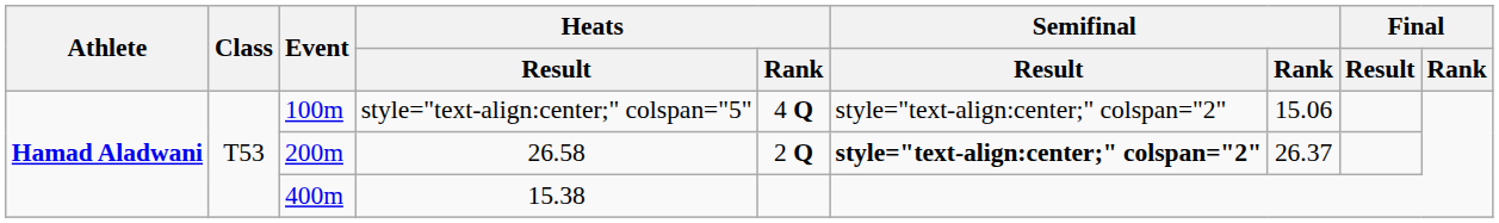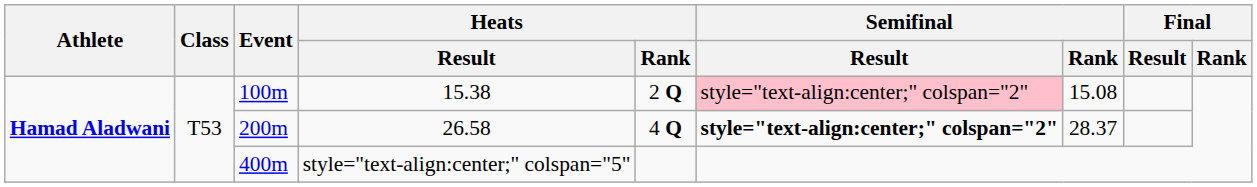 <table class=wikitable style="font-size:90%">
 <tr>
 <th rowspan="2">Athlete</th>
 <th rowspan="2">Class</th>
 <th rowspan="2">Event</th>
 <th colspan="2">Heats</th>
 <th colspan="2">Semifinal</th>
 <th colspan="2">Final</th>
 </tr>
 <tr>
 <th>Result</th>
 <th>Rank</th>
 <th>Result</th>
 <th>Rank</th>
 <th>Result</th>
 <th>Rank</th>
 </tr>
 <tr>
 <td rowspan="3"><strong><a href='#'>Hamad Aladwani</a></strong></td>
 <td rowspan="3" style="text-align:center;">T53</td>
 <td><a href='#'>100m</a></td>
-<td>style="text-align:center;" colspan="5" </td>
-<td style="text-align:center;">4 <strong>Q</strong></td>
-<td>style="text-align:center;" colspan="2" </td>
-<td style="text-align:center;">15.06</td>
+<td style="text-align:center;">15.38</td>
+<td style="text-align:center;">2 <strong>Q</strong></td>
+<td style="background: pink;">style="text-align:center;" colspan="2" </td>
+<td style="text-align:center;">15.08</td>
 <td style="text-align:center;"></td>
 </tr>
 <tr>
 <td><a href='#'>200m</a></td>
 <td style="text-align:center;">26.58</td>
-<td style="text-align:center;">2 <strong>Q</strong></td>
+<td style="text-align:center;">4 <strong>Q</strong></td>
 <td><strong>style="text-align:center;" colspan="2" </strong></td>
-<td style="text-align:center;">26.37</td>
+<td style="text-align:center;">28.37</td>
 <td style="text-align:center;"></td>
 </tr>
 <tr>
 <td><a href='#'>400m</a></td>
-<td style="text-align:center;">15.38</td>
+<td>style="text-align:center;" colspan="5" </td>
 <td style="text-align:center;"></td>
 </tr>
 </table>
